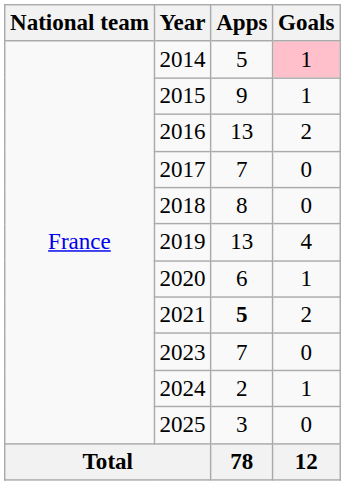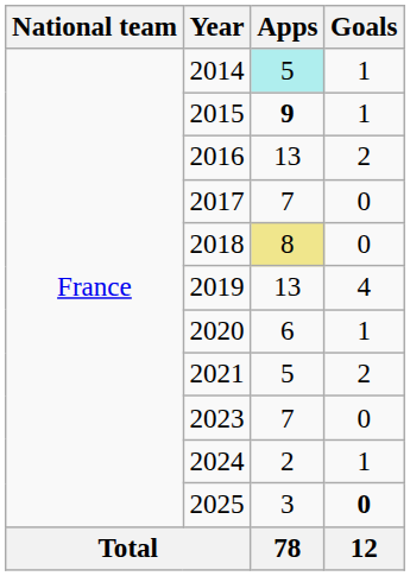 <table class="wikitable" style="text-align:center">
 <tr>
 <th>National team</th>
 <th>Year</th>
 <th>Apps</th>
 <th>Goals</th>
 </tr>
 <tr>
 <td rowspan="11"><a href='#'>France</a></td>
 <td>2014</td>
-<td>5</td>
-<td style="background: pink;">1</td>
+<td style="background: paleturquoise;">5</td>
+<td>1</td>
 </tr>
 <tr>
 <td>2015</td>
-<td>9</td>
+<td><strong>9</strong></td>
 <td>1</td>
 </tr>
 <tr>
 <td>2016</td>
 <td>13</td>
 <td>2</td>
 </tr>
 <tr>
 <td>2017</td>
 <td>7</td>
 <td>0</td>
 </tr>
 <tr>
 <td>2018</td>
-<td>8</td>
+<td style="background: khaki;">8</td>
 <td>0</td>
 </tr>
 <tr>
 <td>2019</td>
 <td>13</td>
 <td>4</td>
 </tr>
 <tr>
 <td>2020</td>
 <td>6</td>
 <td>1</td>
 </tr>
 <tr>
 <td>2021</td>
-<td><strong>5</strong></td>
+<td>5</td>
 <td>2</td>
 </tr>
 <tr>
 <td>2023</td>
 <td>7</td>
 <td>0</td>
 </tr>
 <tr>
 <td>2024</td>
 <td>2</td>
 <td>1</td>
 </tr>
 <tr>
 <td>2025</td>
 <td>3</td>
-<td>0</td>
+<td><strong>0</strong></td>
 </tr>
 <tr>
 <th colspan="2">Total</th>
 <th>78</th>
 <th>12</th>
 </tr>
 </table>
